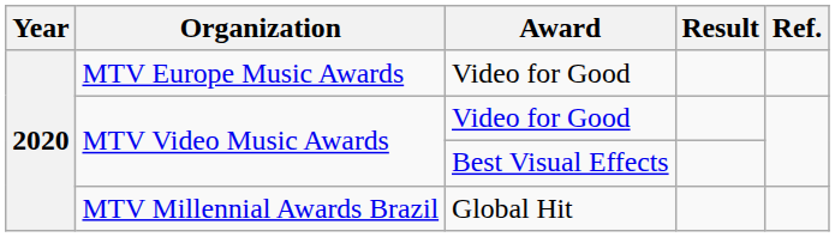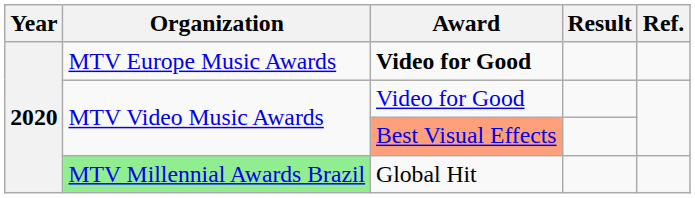 <table class="wikitable plainrowheaders">
 <tr>
 <th>Year</th>
 <th>Organization</th>
 <th>Award</th>
 <th>Result</th>
 <th>Ref.</th>
 </tr>
 <tr>
 <th rowspan="4" scope="row">2020</th>
 <td><a href='#'>MTV Europe Music Awards</a></td>
-<td>Video for Good</td>
+<td><strong>Video for Good</strong></td>
 <td></td>
 <td style="text-align:center;"></td>
 </tr>
 <tr>
 <td rowspan="2"><a href='#'>MTV Video Music Awards</a></td>
 <td><a href='#'>Video for Good</a></td>
 <td></td>
 <td rowspan="2" style="text-align:center;"></td>
 </tr>
 <tr>
-<td><a href='#'>Best Visual Effects</a></td>
+<td style="background: lightsalmon;"><a href='#'>Best Visual Effects</a></td>
 <td></td>
 </tr>
 <tr>
-<td><a href='#'>MTV Millennial Awards Brazil</a></td>
+<td style="background: lightgreen;"><a href='#'>MTV Millennial Awards Brazil</a></td>
 <td>Global Hit</td>
 <td></td>
 <td style="text-align:center;"></td>
 </tr>
 </table>
